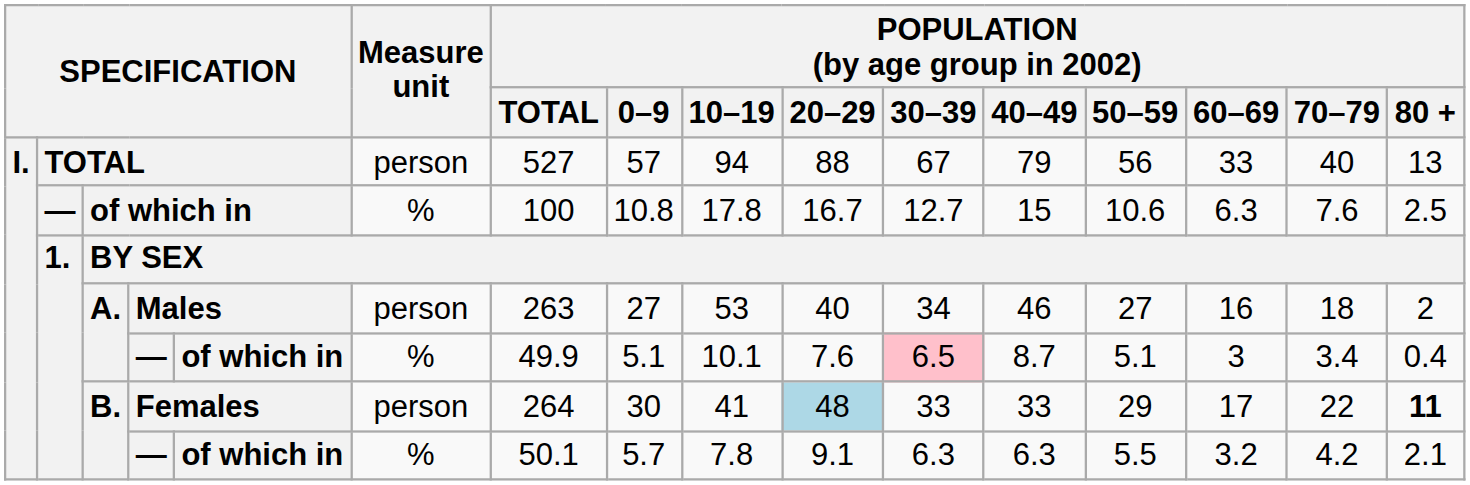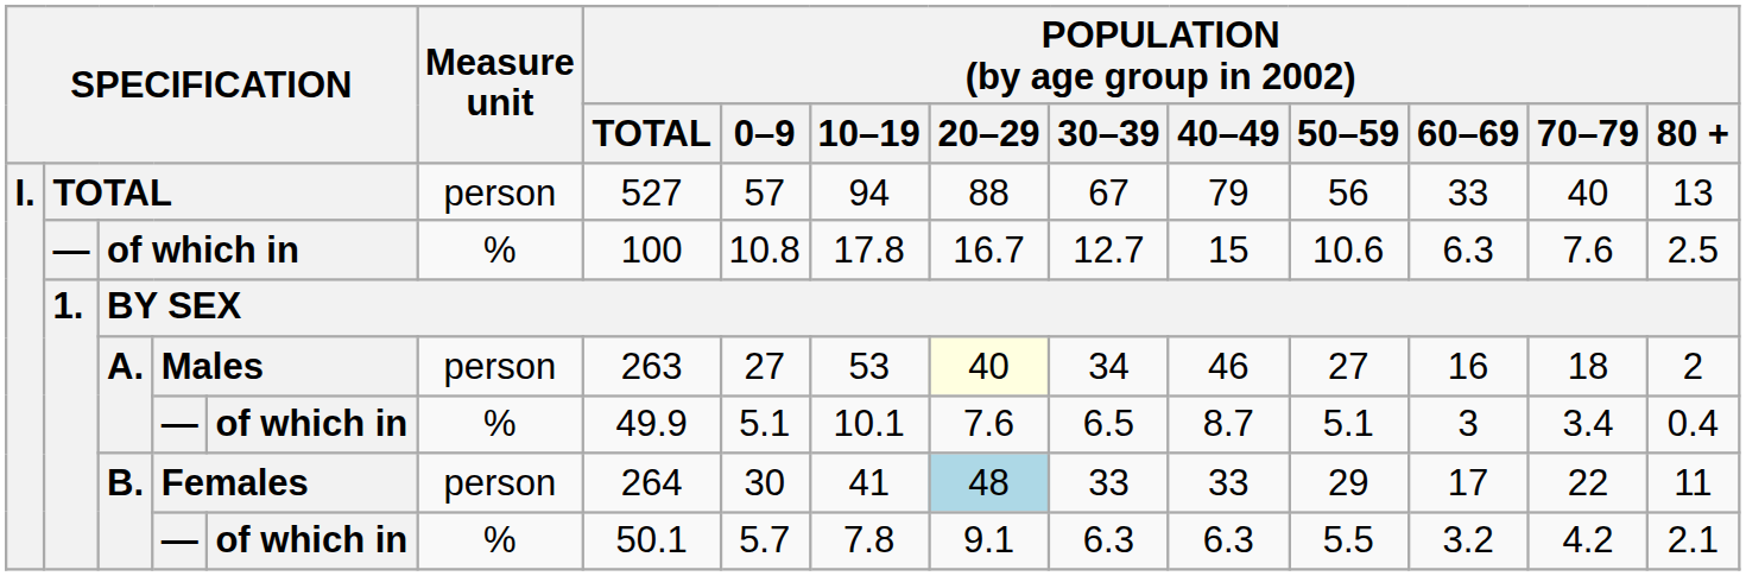 <table class="wikitable" style="font-size:85%; text-align:center">
 <tr>
 <th rowspan="2" colspan="5">SPECIFICATION</th>
 <th rowspan="2">Measure<br> unit</th>
 <th colspan="10" rowspan="1">POPULATION<br> (by age group in 2002)</th>
 </tr>
 <tr>
 <th>TOTAL</th>
 <th>0–9</th>
 <th>10–19</th>
 <th>20–29</th>
 <th>30–39</th>
 <th>40–49</th>
 <th>50–59</th>
 <th>60–69</th>
 <th>70–79</th>
 <th>80 +</th>
 </tr>
 <tr>
 <th style="text-align:left" valign="top" rowspan="7">I.</th>
 <th style="text-align:left" colspan="4">TOTAL</th>
 <td>person</td>
 <td>527</td>
 <td>57</td>
 <td>94</td>
 <td>88</td>
 <td>67</td>
 <td>79</td>
 <td>56</td>
 <td>33</td>
 <td>40</td>
 <td>13</td>
 </tr>
 <tr>
 <th style="text-align:left" valign="top">—</th>
 <th style="text-align:left" colspan="3">of which in</th>
 <td>%</td>
 <td>100</td>
 <td>10.8</td>
 <td>17.8</td>
 <td>16.7</td>
 <td>12.7</td>
 <td>15</td>
 <td>10.6</td>
 <td>6.3</td>
 <td>7.6</td>
 <td>2.5</td>
 </tr>
 <tr>
 <th style="text-align:left" valign="top" rowspan="5">1.</th>
 <th style="text-align:left" colspan="14">BY SEX</th>
 </tr>
 <tr>
 <th style="text-align:left" valign="top" rowspan="2">A.</th>
 <th style="text-align:left" colspan="2">Males</th>
 <td>person</td>
 <td>263</td>
 <td>27</td>
 <td>53</td>
-<td>40</td>
+<td style="background: lightyellow;">40</td>
 <td>34</td>
 <td>46</td>
 <td>27</td>
 <td>16</td>
 <td>18</td>
 <td>2</td>
 </tr>
 <tr>
 <th style="text-align:left" valign="top">—</th>
 <th style="text-align:left" colspan="1">of which in</th>
 <td>%</td>
 <td>49.9</td>
 <td>5.1</td>
 <td>10.1</td>
 <td>7.6</td>
-<td style="background: pink;">6.5</td>
+<td>6.5</td>
 <td>8.7</td>
 <td>5.1</td>
 <td>3</td>
 <td>3.4</td>
 <td>0.4</td>
 </tr>
 <tr>
 <th style="text-align:left" valign="top" rowspan="2">B.</th>
 <th style="text-align:left" colspan="2">Females</th>
 <td>person</td>
 <td>264</td>
 <td>30</td>
 <td>41</td>
 <td style="background: lightblue;">48</td>
 <td>33</td>
 <td>33</td>
 <td>29</td>
 <td>17</td>
 <td>22</td>
-<td><strong>11</strong></td>
+<td>11</td>
 </tr>
 <tr>
 <th style="text-align:left" valign="top">—</th>
 <th style="text-align:left" colspan="1">of which in</th>
 <td>%</td>
 <td>50.1</td>
 <td>5.7</td>
 <td>7.8</td>
 <td>9.1</td>
 <td>6.3</td>
 <td>6.3</td>
 <td>5.5</td>
 <td>3.2</td>
 <td>4.2</td>
 <td>2.1</td>
 </tr>
 </table>
